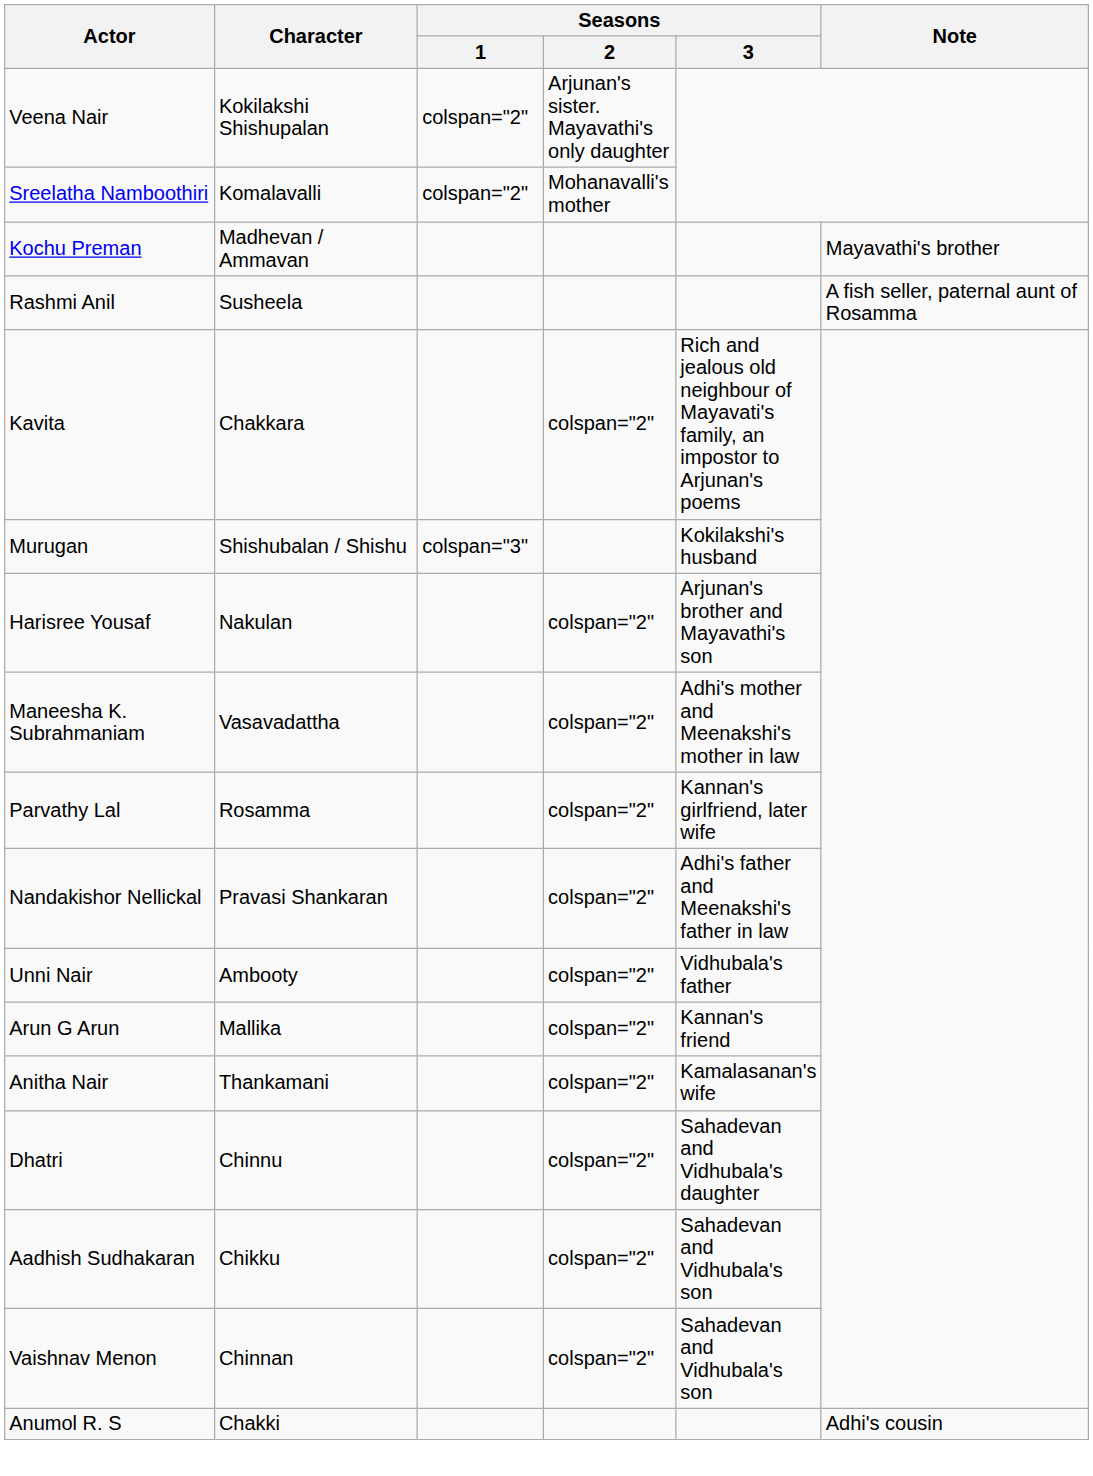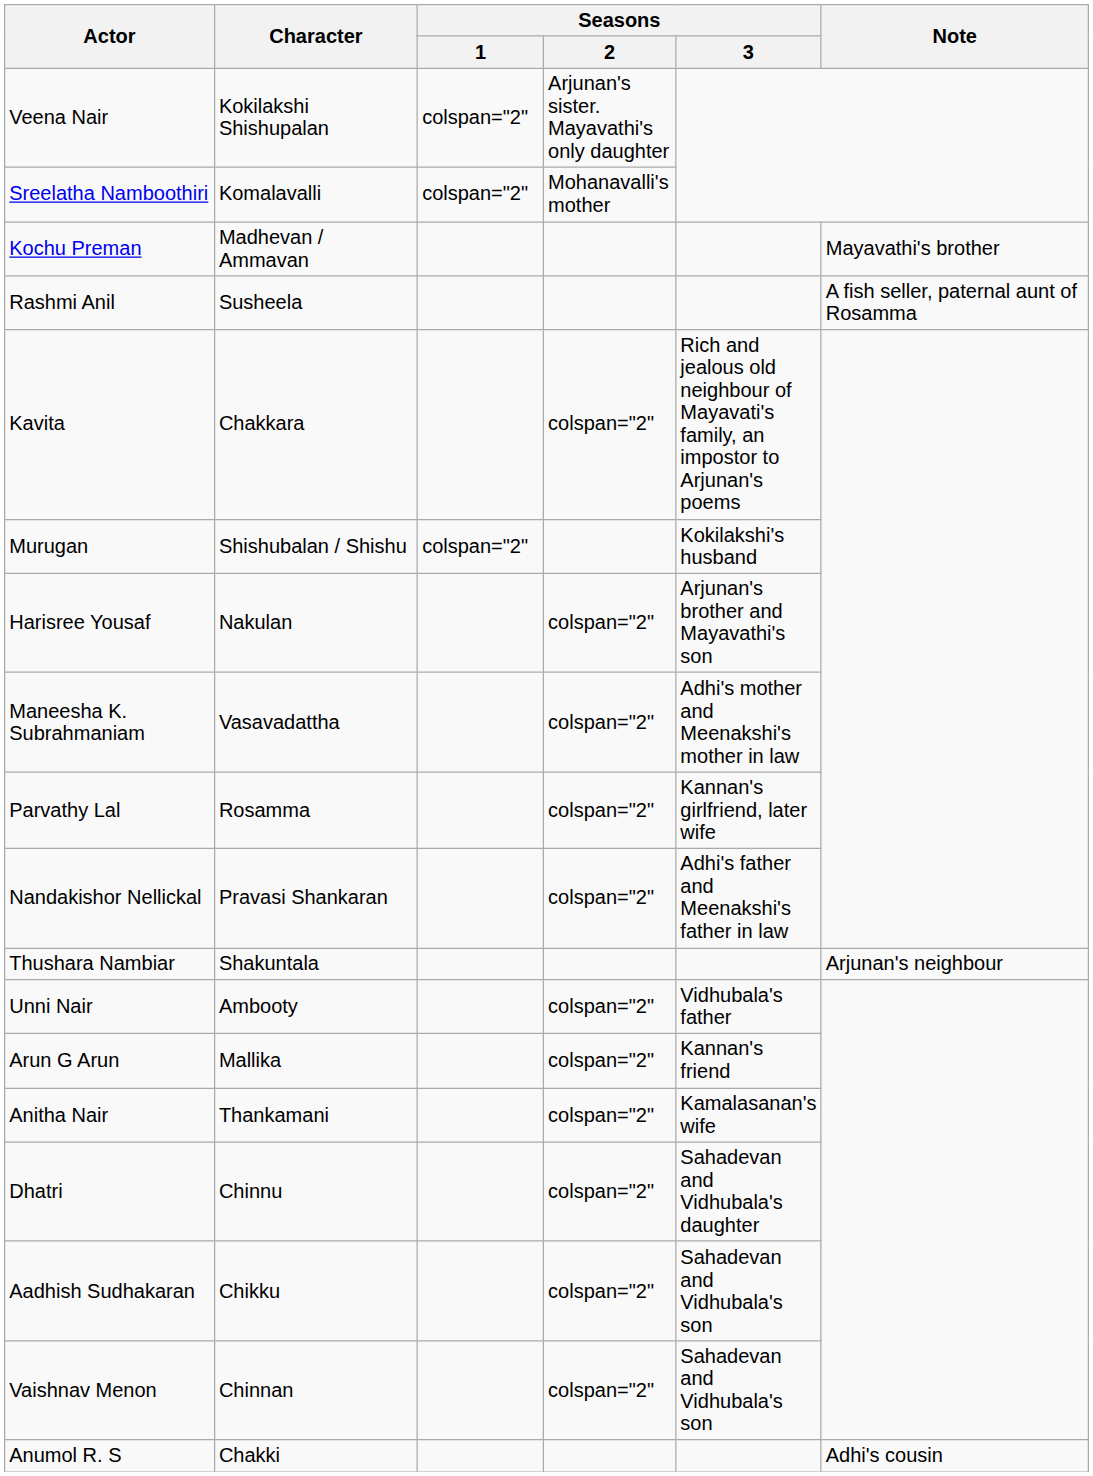 <table class="wikitable" line-height:20px; font-size:90%; width:70%;">
 <tr>
 <th rowspan="2"  width=200px>Actor</th>
 <th rowspan="2"  width=200px>Character</th>
 <th colspan="3"  width=200px>Seasons</th>
 <th rowspan="2"  width=300px>Note</th>
 </tr>
 <tr>
 <th width=100px>1</th>
 <th width=100px>2</th>
 <th width=100px>3</th>
 </tr>
 <tr>
 <td>Veena Nair</td>
 <td>Kokilakshi Shishupalan</td>
 <td>colspan="2" </td>
 <td>Arjunan's sister. Mayavathi's only daughter</td>
 </tr>
 <tr>
 <td><a href='#'>Sreelatha Namboothiri</a></td>
 <td>Komalavalli</td>
 <td>colspan="2" </td>
 <td>Mohanavalli's mother</td>
 </tr>
 <tr>
 <td><a href='#'>Kochu Preman</a></td>
 <td>Madhevan / Ammavan</td>
 <td></td>
 <td></td>
 <td></td>
 <td>Mayavathi's brother</td>
 </tr>
 <tr>
 <td>Rashmi Anil</td>
 <td>Susheela</td>
 <td></td>
 <td></td>
 <td></td>
 <td>A fish seller, paternal aunt of Rosamma</td>
 </tr>
 <tr>
 <td>Kavita</td>
 <td>Chakkara</td>
 <td></td>
 <td>colspan="2" </td>
 <td>Rich and jealous old neighbour of Mayavati's family, an impostor to Arjunan's poems</td>
 </tr>
 <tr>
 <td>Murugan</td>
 <td>Shishubalan / Shishu</td>
-<td>colspan="3" </td>
+<td>colspan="2" </td>
 <td></td>
 <td>Kokilakshi's husband</td>
 </tr>
 <tr>
 <td>Harisree Yousaf</td>
 <td>Nakulan</td>
 <td></td>
 <td>colspan="2" </td>
 <td>Arjunan's brother and Mayavathi's son</td>
 </tr>
 <tr>
 <td>Maneesha K. Subrahmaniam</td>
 <td>Vasavadattha</td>
 <td></td>
 <td>colspan="2" </td>
 <td>Adhi's mother and Meenakshi's mother in law</td>
 </tr>
 <tr>
 <td>Parvathy Lal</td>
 <td>Rosamma</td>
 <td></td>
 <td>colspan="2" </td>
 <td>Kannan's girlfriend, later wife</td>
 </tr>
 <tr>
 <td>Nandakishor Nellickal</td>
 <td>Pravasi Shankaran</td>
 <td></td>
 <td>colspan="2" </td>
 <td>Adhi's father and Meenakshi's father in law</td>
+</tr>
+<tr>
+<td>Thushara Nambiar</td>
+<td>Shakuntala</td>
+<td></td>
+<td></td>
+<td></td>
+<td>Arjunan's neighbour</td>
 </tr>
 <tr>
 <td>Unni Nair</td>
 <td>Ambooty</td>
 <td></td>
 <td>colspan="2" </td>
 <td>Vidhubala's father</td>
 </tr>
 <tr>
 <td>Arun G Arun</td>
 <td>Mallika</td>
 <td></td>
 <td>colspan="2" </td>
 <td>Kannan's friend</td>
 </tr>
 <tr>
 <td>Anitha Nair</td>
 <td>Thankamani</td>
 <td></td>
 <td>colspan="2" </td>
 <td>Kamalasanan's wife</td>
 </tr>
 <tr>
 <td>Dhatri</td>
 <td>Chinnu</td>
 <td></td>
 <td>colspan="2" </td>
 <td>Sahadevan and Vidhubala's daughter</td>
 </tr>
 <tr>
 <td>Aadhish Sudhakaran</td>
 <td>Chikku</td>
 <td></td>
 <td>colspan="2" </td>
 <td>Sahadevan and Vidhubala's son</td>
 </tr>
 <tr>
 <td>Vaishnav Menon</td>
 <td>Chinnan</td>
 <td></td>
 <td>colspan="2" </td>
 <td>Sahadevan and Vidhubala's son</td>
 </tr>
 <tr>
 <td>Anumol R. S</td>
 <td>Chakki</td>
 <td></td>
 <td></td>
 <td></td>
 <td>Adhi's cousin</td>
 </tr>
 </table>
